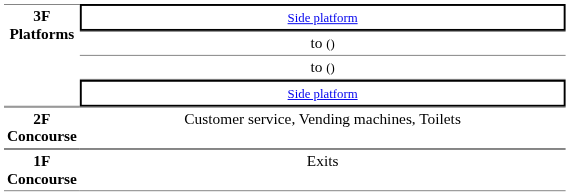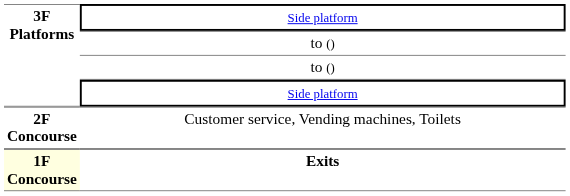 <table table border=0 cellspacing=0 cellpadding=3>
 <tr>
 <td style="border-bottom:solid 1px gray; border-top:solid 1px gray;text-align:center" rowspan="4" valign=top><strong>3F<br>Platforms</strong></td>
 <td style="border-right:solid 2px black;border-left:solid 2px black;border-top:solid 2px black;border-bottom:solid 2px black;text-align:center;" colspan=2><small><a href='#'>Side platform</a></small></td>
 </tr>
 <tr>
 <td style="border-bottom:solid 1px gray; border-top:solid 1px gray;text-align:center;">  to  <small>()</small></td>
 </tr>
 <tr>
 <td style="border-bottom:solid 1px gray;text-align:center;"> to  <small>()</small> </td>
 </tr>
 <tr>
 <td style="border-right:solid 2px black;border-left:solid 2px black;border-top:solid 2px black;border-bottom:solid 2px black;text-align:center;" colspan=2><small><a href='#'>Side platform</a></small></td>
 </tr>
 <tr>
 <td style="border-bottom:solid 1px gray; border-top:solid 1px gray;text-align:center" valign=top><strong>2F<br>Concourse</strong></td>
 <td style="border-bottom:solid 1px gray; border-top:solid 1px gray;text-align:center;" valign=top width=500>Customer service, Vending machines, Toilets</td>
 </tr>
 <tr>
-<td style="border-bottom:solid 1px gray; border-top:solid 1px gray;text-align:center" valign=top><strong>1F<br>Concourse</strong></td>
-<td style="border-bottom:solid 1px gray; border-top:solid 1px gray;text-align:center;" valign=top width=500>Exits</td>
+<td style="background: lightyellow; border-bottom:solid 1px gray; border-top:solid 1px gray;text-align:center" valign=top><strong>1F<br>Concourse</strong></td>
+<td style="border-bottom:solid 1px gray; border-top:solid 1px gray;text-align:center;" valign=top width=500><strong>Exits</strong></td>
 </tr>
 </table>
